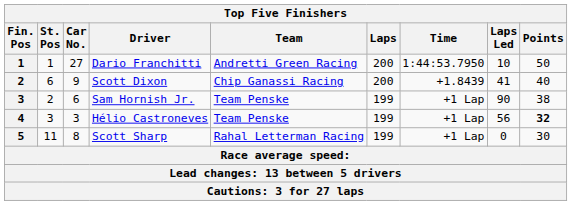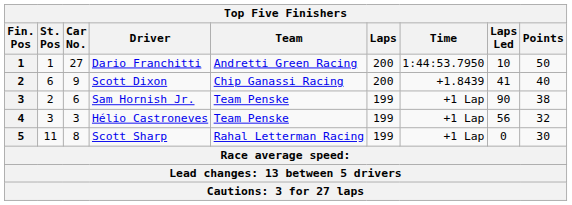 <table class="wikitable" style="font-size:95%;text-align:center">
 <tr>
 <th colspan=9>Top Five Finishers</th>
 </tr>
 <tr>
 <th>Fin.<br>Pos</th>
 <th>St.<br>Pos</th>
 <th>Car<br>No.</th>
 <th>Driver</th>
 <th>Team</th>
 <th>Laps</th>
 <th>Time</th>
 <th>Laps<br>Led</th>
 <th>Points</th>
 </tr>
 <tr>
 <th>1</th>
 <td>1</td>
 <td>27</td>
 <td style="text-align:left"> <a href='#'>Dario Franchitti</a></td>
 <td style="text-align:left"><a href='#'>Andretti Green Racing</a></td>
 <td>200</td>
 <td align=right>1:44:53.7950</td>
 <td>10</td>
 <td>50</td>
 </tr>
 <tr>
 <th>2</th>
 <td>6</td>
 <td>9</td>
 <td style="text-align:left"> <a href='#'>Scott Dixon</a></td>
 <td style="text-align:left"><a href='#'>Chip Ganassi Racing</a></td>
 <td>200</td>
 <td align=right>+1.8439</td>
 <td>41</td>
 <td>40</td>
 </tr>
 <tr>
 <th>3</th>
 <td>2</td>
 <td>6</td>
 <td style="text-align:left"> <a href='#'>Sam Hornish Jr.</a></td>
 <td style="text-align:left"><a href='#'>Team Penske</a></td>
 <td>199</td>
 <td align=right>+1 Lap</td>
 <td>90</td>
 <td>38</td>
 </tr>
 <tr>
 <th>4</th>
 <td>3</td>
 <td>3</td>
 <td style="text-align:left"> <a href='#'>Hélio Castroneves</a></td>
 <td style="text-align:left"><a href='#'>Team Penske</a></td>
 <td>199</td>
 <td align=right>+1 Lap</td>
 <td>56</td>
-<td><strong>32</strong></td>
+<td>32</td>
 </tr>
 <tr>
 <th>5</th>
 <td>11</td>
 <td>8</td>
 <td style="text-align:left"> <a href='#'>Scott Sharp</a></td>
 <td style="text-align:left"><a href='#'>Rahal Letterman Racing</a></td>
 <td>199</td>
 <td align=right>+1 Lap</td>
 <td>0</td>
 <td>30</td>
 </tr>
 <tr>
 <th colspan=9>Race average speed: </th>
 </tr>
 <tr>
 <th colspan=9>Lead changes: 13 between 5 drivers</th>
 </tr>
 <tr>
 <th colspan=9>Cautions: 3 for 27 laps</th>
 </tr>
 </table>
